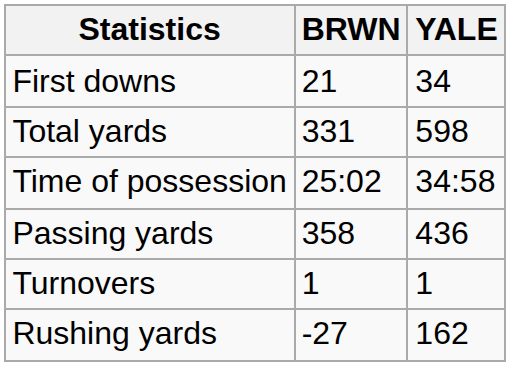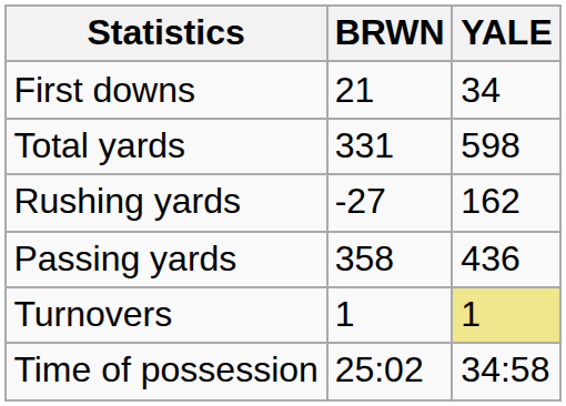 <table class="wikitable">
 <tr>
 <th>Statistics</th>
 <th>BRWN</th>
 <th>YALE</th>
 </tr>
 <tr>
 <td>First downs</td>
 <td>21</td>
 <td>34</td>
 </tr>
 <tr>
 <td>Total yards</td>
 <td>331</td>
 <td>598</td>
 </tr>
 <tr>
-<td>Time of possession</td>
-<td>25:02</td>
-<td>34:58</td>
+<td>Rushing yards</td>
+<td>-27</td>
+<td>162</td>
 </tr>
 <tr>
 <td>Passing yards</td>
 <td>358</td>
 <td>436</td>
 </tr>
 <tr>
 <td>Turnovers</td>
 <td>1</td>
-<td>1</td>
+<td style="background: khaki;">1</td>
 </tr>
 <tr>
-<td>Rushing yards</td>
-<td>-27</td>
-<td>162</td>
+<td>Time of possession</td>
+<td>25:02</td>
+<td>34:58</td>
 </tr>
 <tr>
 </tr>
 </table>
